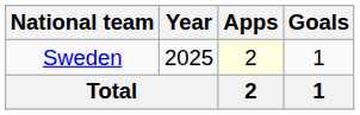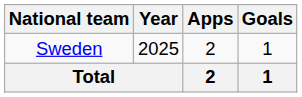 <table class="wikitable" style="text-align:center">
 <tr>
 <th>National team</th>
 <th>Year</th>
 <th>Apps</th>
 <th>Goals</th>
 </tr>
 <tr>
 <td><a href='#'>Sweden</a></td>
 <td>2025</td>
-<td style="background: lightyellow;">2</td>
+<td>2</td>
 <td>1</td>
 </tr>
 <tr>
 <th colspan="2">Total</th>
 <th>2</th>
 <th>1</th>
 </tr>
 </table>
